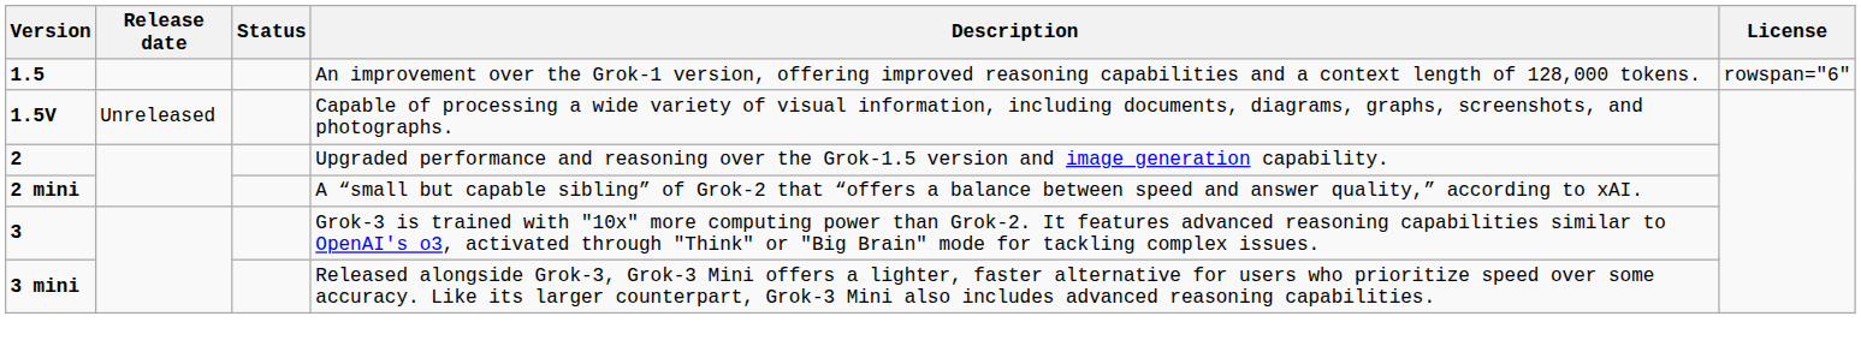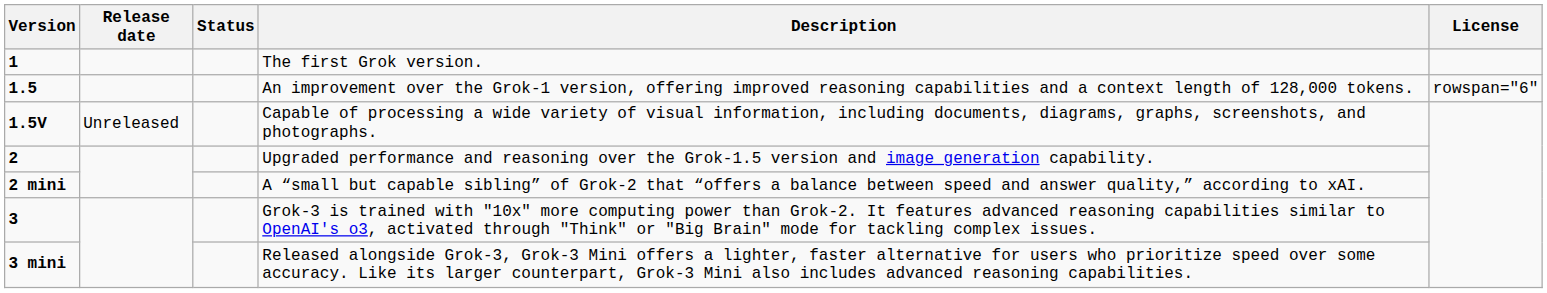 <table class="wikitable">
 <tr>
 <th>Version</th>
 <th>Release date</th>
 <th>Status</th>
 <th>Description</th>
 <th>License</th>
+</tr>
+<tr>
+<td><strong>1</strong></td>
+<td></td>
+<td></td>
+<td>The first Grok version.</td>
+<td></td>
 </tr>
 <tr>
 <td><strong>1.5</strong></td>
 <td></td>
 <td></td>
 <td>An improvement over the Grok-1 version, offering improved reasoning capabilities and a context length of 128,000 tokens.</td>
 <td>rowspan="6" </td>
 </tr>
 <tr>
 <td><strong>1.5V</strong></td>
 <td>Unreleased</td>
 <td></td>
 <td>Capable of processing a wide variety of visual information, including documents, diagrams, graphs, screenshots, and photographs.</td>
 </tr>
 <tr>
 <td><strong>2</strong></td>
 <td rowspan="2"></td>
 <td></td>
 <td>Upgraded performance and reasoning over the Grok-1.5 version and <a href='#'>image generation</a> capability.</td>
 </tr>
 <tr>
 <td><strong>2 mini</strong></td>
 <td></td>
 <td>A “small but capable sibling” of Grok-2 that “offers a balance between speed and answer quality,” according to xAI.</td>
 </tr>
 <tr>
 <td><strong>3</strong></td>
 <td rowspan="2"></td>
 <td></td>
 <td>Grok-3 is trained with "10x" more computing power than Grok-2. It features advanced reasoning capabilities similar to <a href='#'>OpenAI's o3</a>, activated through "Think" or "Big Brain" mode for tackling complex issues.</td>
 </tr>
 <tr>
 <td><strong>3 mini</strong></td>
 <td></td>
 <td>Released alongside Grok-3, Grok-3 Mini offers a lighter, faster alternative for users who prioritize speed over some accuracy. Like its larger counterpart, Grok-3 Mini also includes advanced reasoning capabilities.</td>
 </tr>
 </table>
